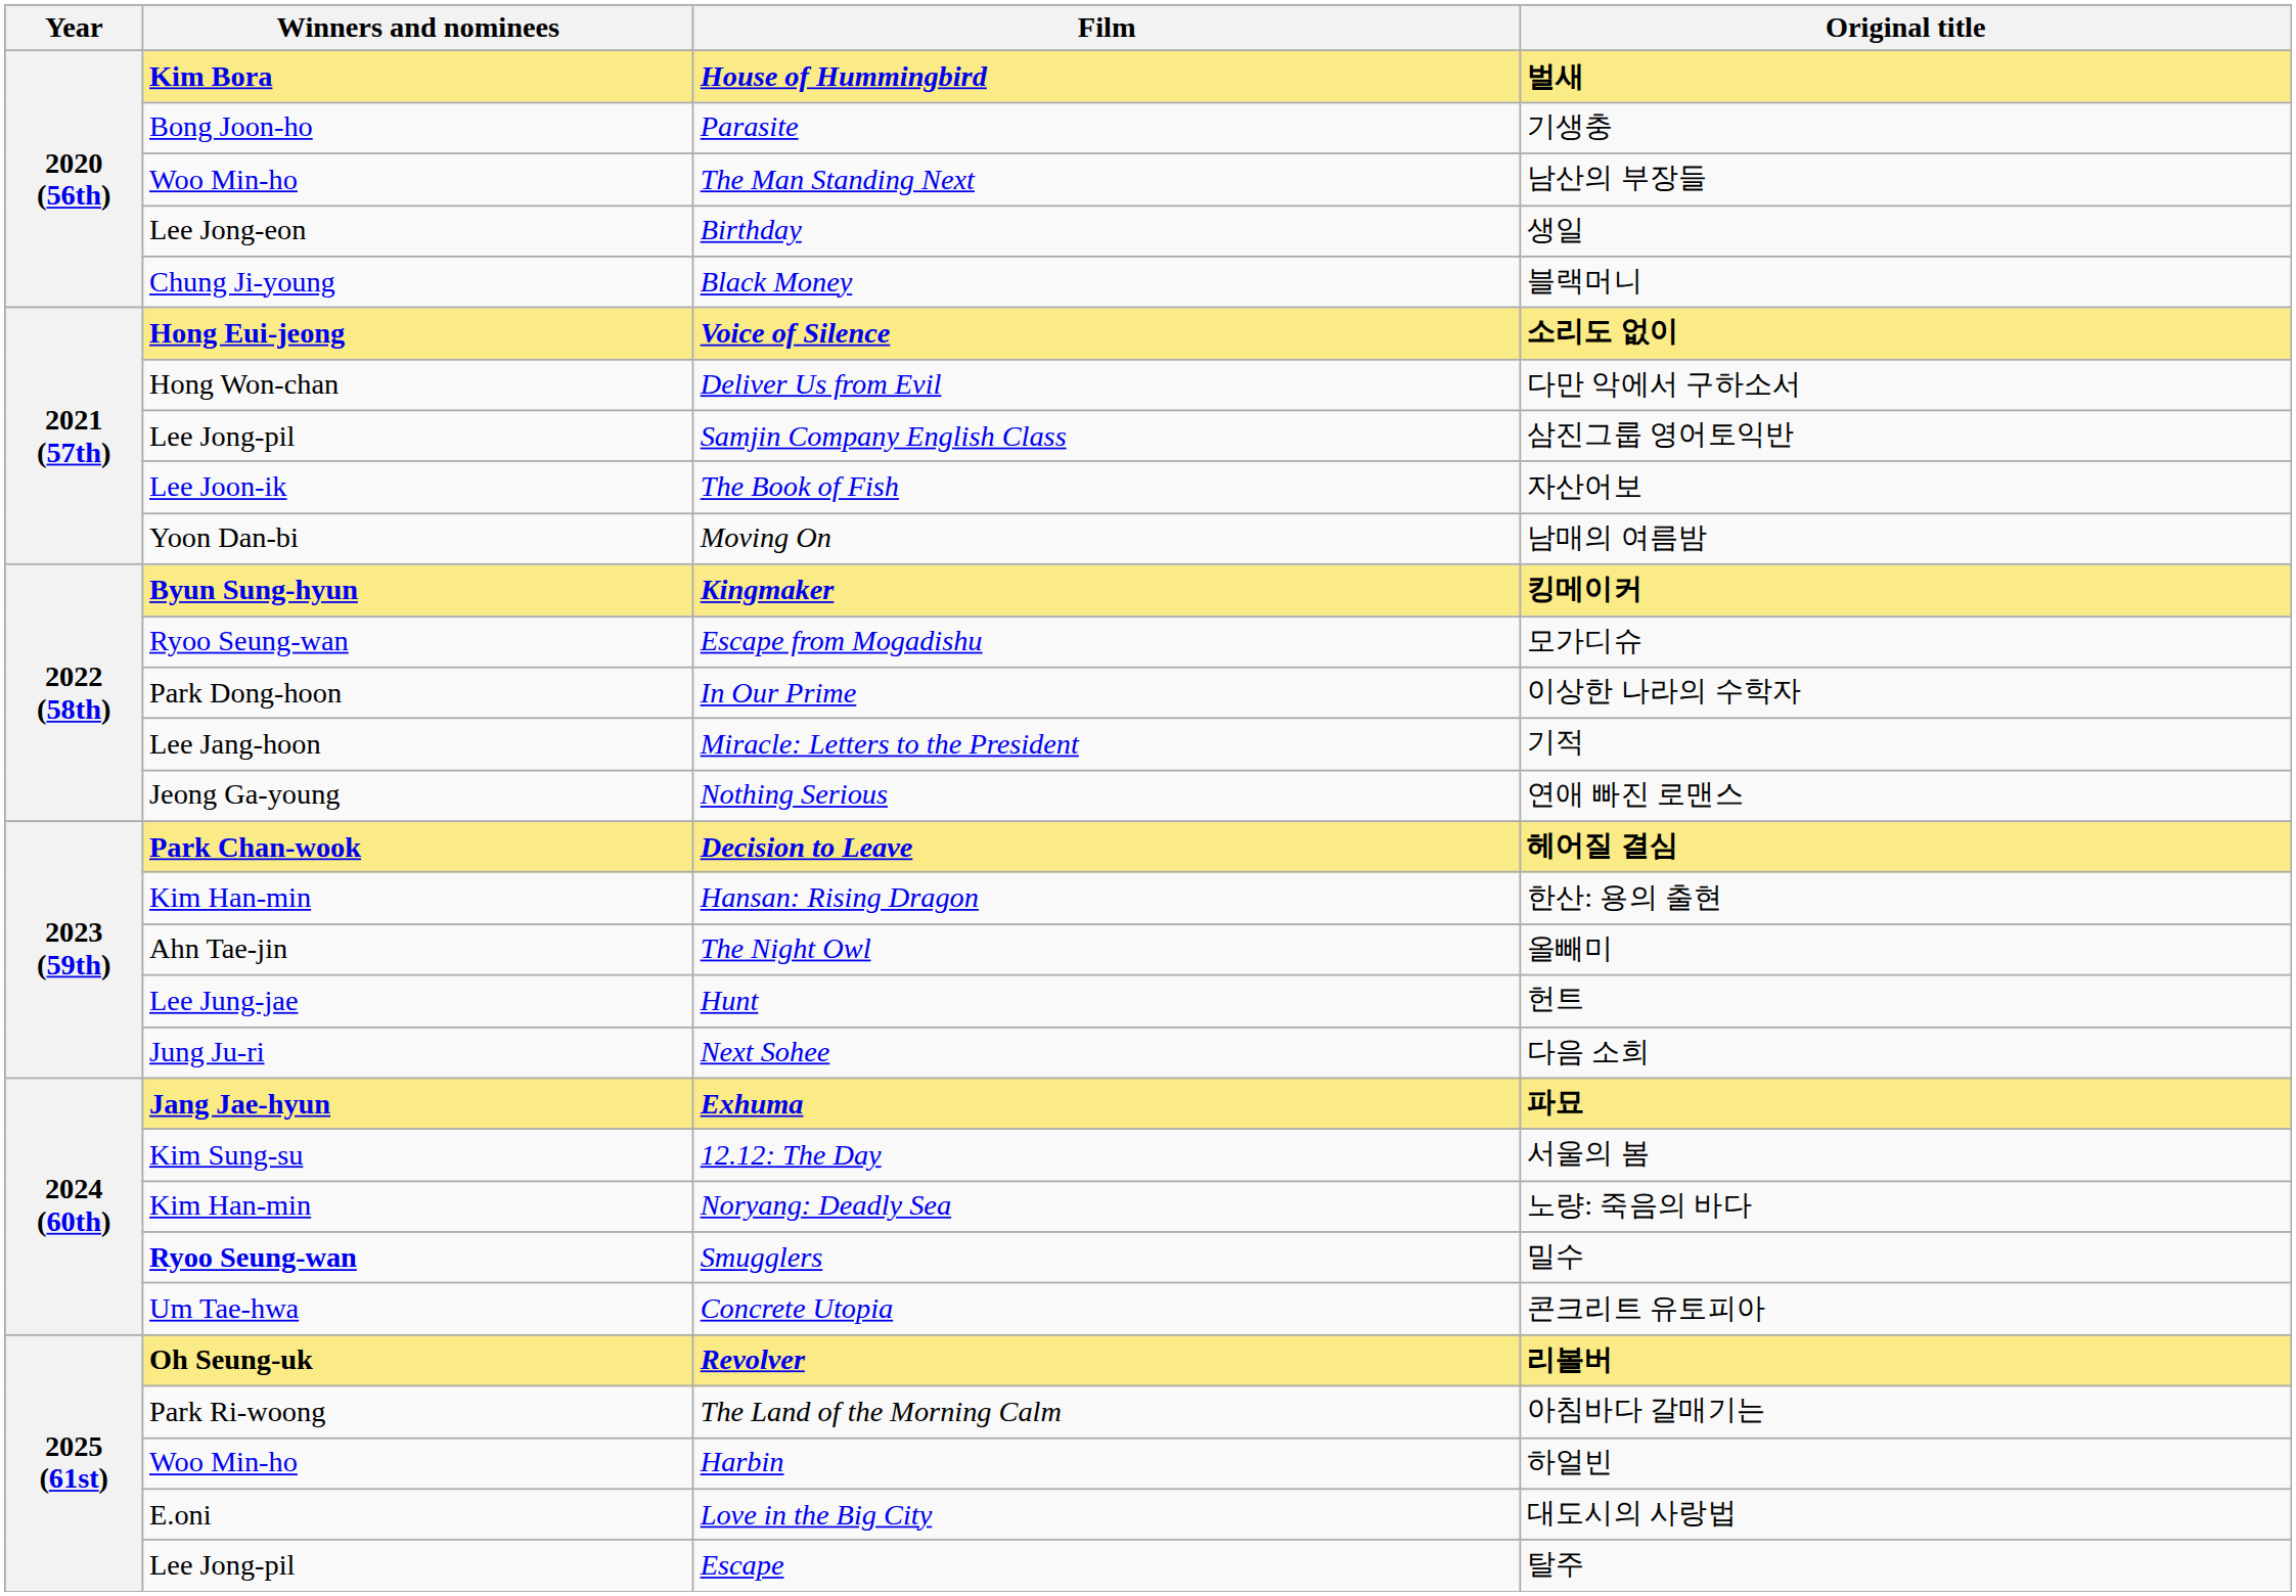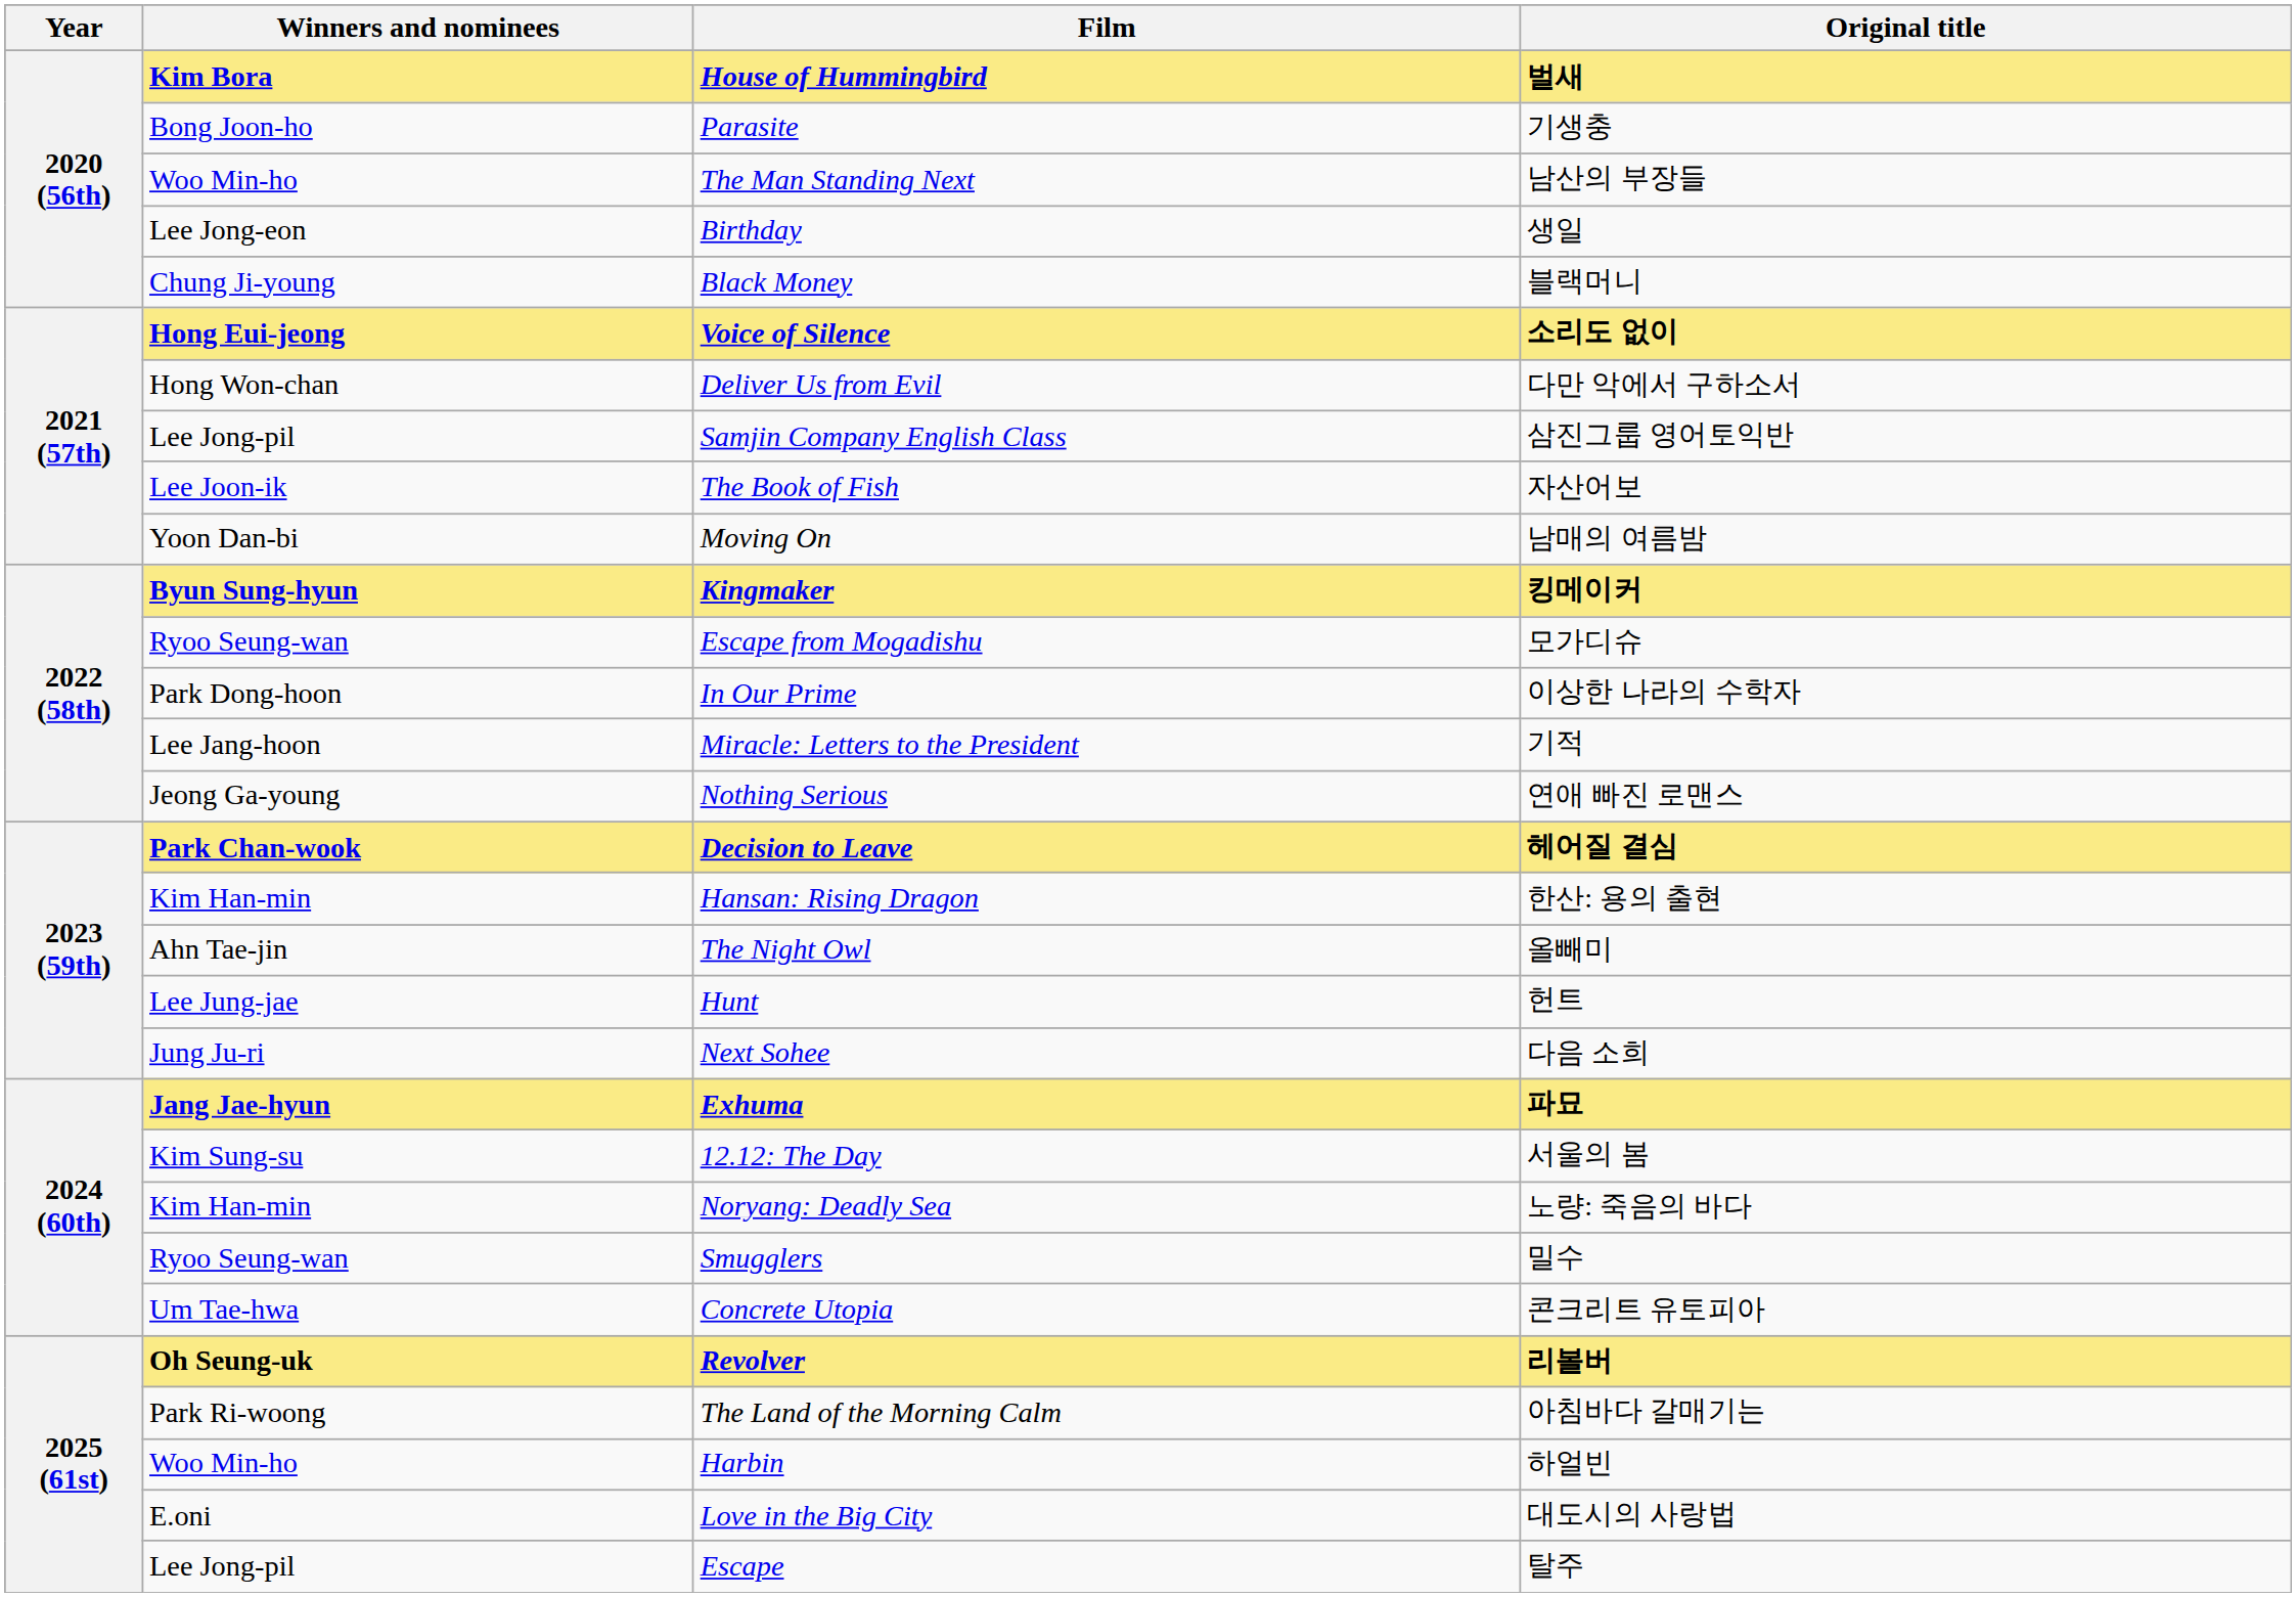 <table class="wikitable" style="width:100%;" cellpadding="6">
 <tr>
 <th style="width:5%;">Year</th>
 <th style="width:20%;">Winners and nominees</th>
 <th style="width:30%;">Film</th>
 <th style="width:28%;">Original title</th>
 </tr>
 <tr>
 <th rowspan="5">2020<br>(<a href='#'>56th</a>)</th>
 <td style="background:#FAEB86;"><strong><a href='#'>Kim Bora</a> </strong></td>
 <td style="background:#FAEB86;"><strong><em><a href='#'>House of Hummingbird</a></em></strong></td>
 <td style="background:#FAEB86;"><strong>벌새</strong></td>
 </tr>
 <tr>
 <td><a href='#'>Bong Joon-ho</a></td>
 <td><a href='#'><em>Parasite</em></a></td>
 <td>기생충</td>
 </tr>
 <tr>
 <td><a href='#'>Woo Min-ho</a></td>
 <td><em><a href='#'>The Man Standing Next</a></em></td>
 <td>남산의 부장들</td>
 </tr>
 <tr>
 <td>Lee Jong-eon</td>
 <td><a href='#'><em>Birthday</em></a></td>
 <td>생일</td>
 </tr>
 <tr>
 <td><a href='#'>Chung Ji-young</a></td>
 <td><a href='#'><em>Black Money</em></a></td>
 <td>블랙머니</td>
 </tr>
 <tr>
 <th rowspan="5">2021<br>(<a href='#'>57th</a>)</th>
 <td style="background:#FAEB86;"><strong><a href='#'>Hong Eui-jeong</a> </strong></td>
 <td style="background:#FAEB86;"><strong><a href='#'><em>Voice of Silence</em></a></strong></td>
 <td style="background:#FAEB86;"><strong>소리도 없이</strong></td>
 </tr>
 <tr>
 <td>Hong Won-chan</td>
 <td><a href='#'><em>Deliver Us from Evil</em></a></td>
 <td>다만 악에서 구하소서</td>
 </tr>
 <tr>
 <td>Lee Jong-pil</td>
 <td><em><a href='#'>Samjin Company English Class</a></em></td>
 <td>삼진그룹 영어토익반</td>
 </tr>
 <tr>
 <td><a href='#'>Lee Joon-ik</a></td>
 <td><em><a href='#'>The Book of Fish</a></em></td>
 <td>자산어보</td>
 </tr>
 <tr>
 <td>Yoon Dan-bi</td>
 <td><em>Moving On</em></td>
 <td>남매의 여름밤</td>
 </tr>
 <tr>
 <th rowspan="5">2022<br>(<a href='#'>58th</a>)</th>
 <td style="background:#FAEB86;"><strong><a href='#'>Byun Sung-hyun</a> </strong></td>
 <td style="background:#FAEB86;"><a href='#'><strong><em>Kingmaker</em></strong></a></td>
 <td style="background:#FAEB86;"><strong>킹메이커</strong></td>
 </tr>
 <tr>
 <td><a href='#'>Ryoo Seung-wan</a></td>
 <td><em><a href='#'>Escape from Mogadishu</a></em></td>
 <td>모가디슈</td>
 </tr>
 <tr>
 <td>Park Dong-hoon</td>
 <td><em><a href='#'>In Our Prime</a></em></td>
 <td>이상한 나라의 수학자</td>
 </tr>
 <tr>
 <td>Lee Jang-hoon</td>
 <td><em><a href='#'>Miracle: Letters to the President</a></em></td>
 <td>기적</td>
 </tr>
 <tr>
 <td>Jeong Ga-young</td>
 <td><a href='#'><em>Nothing Serious</em></a></td>
 <td>연애 빠진 로맨스</td>
 </tr>
 <tr>
 <th rowspan="5">2023<br>(<a href='#'>59th</a>)</th>
 <td style="background:#FAEB86;"><strong><a href='#'>Park Chan-wook</a> </strong></td>
 <td style="background:#FAEB86;"><strong><em><a href='#'>Decision to Leave</a></em></strong></td>
 <td style="background:#FAEB86;"><strong>헤어질 결심</strong></td>
 </tr>
 <tr>
 <td><a href='#'>Kim Han-min</a></td>
 <td><em><a href='#'>Hansan: Rising Dragon</a></em></td>
 <td>한산: 용의 출현</td>
 </tr>
 <tr>
 <td>Ahn Tae-jin</td>
 <td><a href='#'><em>The Night Owl</em></a></td>
 <td>올빼미</td>
 </tr>
 <tr>
 <td><a href='#'>Lee Jung-jae</a></td>
 <td><a href='#'><em>Hunt</em></a></td>
 <td>헌트</td>
 </tr>
 <tr>
 <td><a href='#'>Jung Ju-ri</a></td>
 <td><em><a href='#'>Next Sohee</a></em></td>
 <td>다음 소희</td>
 </tr>
 <tr>
 <th rowspan="5">2024<br>(<a href='#'>60th</a>)</th>
 <td style="background:#FAEB86;"><strong><a href='#'>Jang Jae-hyun</a></strong></td>
 <td style="background:#FAEB86;"><strong><em><a href='#'>Exhuma</a></em></strong></td>
 <td style="background:#FAEB86;"><strong>파묘</strong></td>
 </tr>
 <tr>
 <td><a href='#'>Kim Sung-su</a></td>
 <td><em><a href='#'>12.12: The Day</a></em></td>
 <td>서울의 봄</td>
 </tr>
 <tr>
 <td><a href='#'>Kim Han-min</a></td>
 <td><em><a href='#'>Noryang: Deadly Sea</a></em></td>
 <td>노량: 죽음의 바다</td>
 </tr>
 <tr>
-<td><strong><a href='#'>Ryoo Seung-wan</a></strong></td>
+<td><a href='#'>Ryoo Seung-wan</a></td>
 <td><a href='#'><em>Smugglers</em></a></td>
 <td>밀수</td>
 </tr>
 <tr>
 <td><a href='#'>Um Tae-hwa</a></td>
 <td><em><a href='#'>Concrete Utopia</a></em></td>
 <td>콘크리트 유토피아</td>
 </tr>
 <tr>
 <th rowspan="5">2025<br>(<a href='#'>61st</a>)</th>
 <td style="background:#FAEB86;"><strong>Oh Seung-uk</strong></td>
 <td style="background:#FAEB86;"><strong><em><a href='#'>Revolver</a></em></strong></td>
 <td style="background:#FAEB86;"><strong>리볼버</strong></td>
 </tr>
 <tr>
 <td>Park Ri-woong</td>
 <td><em>The Land of the Morning Calm</em></td>
 <td>아침바다 갈매기는</td>
 </tr>
 <tr>
 <td><a href='#'>Woo Min-ho</a></td>
 <td><em><a href='#'>Harbin</a></em></td>
 <td>하얼빈</td>
 </tr>
 <tr>
 <td>E.oni</td>
 <td><em><a href='#'>Love in the Big City</a></em></td>
 <td>대도시의 사랑법</td>
 </tr>
 <tr>
 <td>Lee Jong-pil</td>
 <td><em><a href='#'>Escape</a></em></td>
 <td>탈주</td>
 </tr>
 <tr>
 </tr>
 </table>
